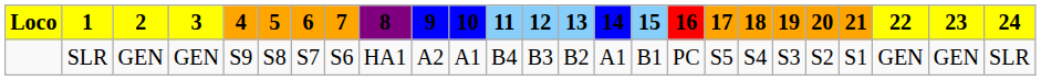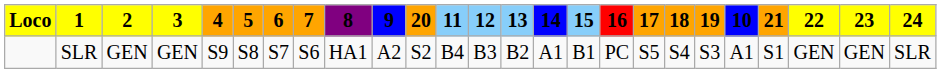 <table class="wikitable plainrowheaders unsortable" style="text-align:center">
 <tr>
 <th rowspan="1" scope="col" style="background:yellow;">Loco</th>
 <th rowspan="1" scope="col" style="background:yellow;">1</th>
 <th rowspan="1" scope="col" style="background:yellow;">2</th>
 <th rowspan="1" scope="col" style="background:yellow;">3</th>
 <th rowspan="1" scope="col" style="background:orange;">4</th>
 <th rowspan="1" scope="col" style="background:orange;">5</th>
 <th rowspan="1" scope="col" style="background:orange;">6</th>
 <th rowspan="1" scope="col" style="background:orange;">7</th>
 <th rowspan="1" scope="col" style="background:purple;">8</th>
 <th rowspan="1" scope="col" style="background:rgb(0,0,255);">9</th>
-<th rowspan="1" scope="col" style="background:rgb(0,0,255);">10</th>
+<th rowspan="1" scope="col" style="background:orange;">20</th>
 <th rowspan="1" scope="col" style="background:lightskyblue;">11</th>
 <th rowspan="1" scope="col" style="background:lightskyblue;">12</th>
 <th rowspan="1" scope="col" style="background:lightskyblue;">13</th>
 <th rowspan="1" scope="col" style="background:rgb(0,0,255);">14</th>
 <th rowspan="1" scope="col" style="background:lightskyblue;">15</th>
 <th rowspan="1" scope="col" style="background:red;">16</th>
 <th rowspan="1" scope="col" style="background:orange;">17</th>
 <th rowspan="1" scope="col" style="background:orange;">18</th>
 <th rowspan="1" scope="col" style="background:orange;">19</th>
-<th rowspan="1" scope="col" style="background:orange;">20</th>
+<th rowspan="1" scope="col" style="background:rgb(0,0,255);">10</th>
 <th rowspan="1" scope="col" style="background:orange;">21</th>
 <th rowspan="1" scope="col" style="background:yellow;">22</th>
 <th rowspan="1" scope="col" style="background:yellow;">23</th>
 <th rowspan="1" scope="col" style="background:yellow;">24</th>
 </tr>
 <tr>
 <td></td>
 <td>SLR</td>
 <td>GEN</td>
 <td>GEN</td>
 <td>S9</td>
 <td>S8</td>
 <td>S7</td>
 <td>S6</td>
 <td>HA1</td>
 <td>A2</td>
-<td>A1</td>
+<td>S2</td>
 <td>B4</td>
 <td>B3</td>
 <td>B2</td>
 <td>A1</td>
 <td>B1</td>
 <td>PC</td>
 <td>S5</td>
 <td>S4</td>
 <td>S3</td>
-<td>S2</td>
+<td>A1</td>
 <td>S1</td>
 <td>GEN</td>
 <td>GEN</td>
 <td>SLR</td>
 </tr>
 </table>
